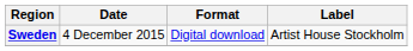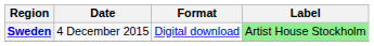 <table class="wikitable sortable plainrowheaders">
 <tr>
 <th scope="col">Region</th>
 <th scope="col">Date</th>
 <th scope="col">Format</th>
 <th scope="col">Label</th>
 </tr>
 <tr>
 <th scope="row"><a href='#'>Sweden</a></th>
 <td>4 December 2015</td>
 <td><a href='#'>Digital download</a></td>
-<td>Artist House Stockholm</td>
+<td style="background: lightgreen;">Artist House Stockholm</td>
 </tr>
 <tr>
 </tr>
 </table>
